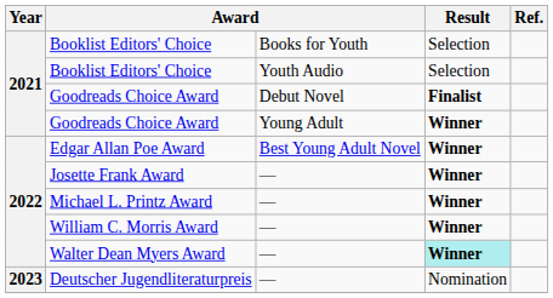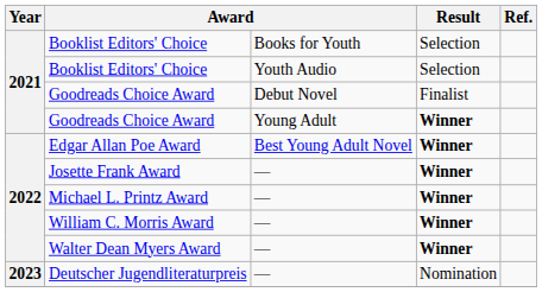 <table class="wikitable">
 <tr>
 <th>Year</th>
 <th colspan="2">Award</th>
 <th>Result</th>
 <th>Ref.</th>
 </tr>
 <tr>
 <th rowspan="4">2021</th>
 <td><a href='#'>Booklist Editors' Choice</a></td>
 <td>Books for Youth</td>
 <td>Selection</td>
 <td></td>
 </tr>
 <tr>
 <td><a href='#'>Booklist Editors' Choice</a></td>
 <td>Youth Audio</td>
 <td>Selection</td>
 <td></td>
 </tr>
 <tr>
 <td><a href='#'>Goodreads Choice Award</a></td>
 <td>Debut Novel</td>
-<td><strong>Finalist</strong></td>
+<td>Finalist</td>
 <td></td>
 </tr>
 <tr>
 <td><a href='#'>Goodreads Choice Award</a></td>
 <td>Young Adult</td>
 <td><strong>Winner</strong></td>
 <td></td>
 </tr>
 <tr>
 <th rowspan="5">2022</th>
 <td><a href='#'>Edgar Allan Poe Award</a></td>
 <td><a href='#'>Best Young Adult Novel</a></td>
 <td><strong>Winner</strong></td>
 <td></td>
 </tr>
 <tr>
 <td><a href='#'>Josette Frank Award</a></td>
 <td>—</td>
 <td><strong>Winner</strong></td>
 <td></td>
 </tr>
 <tr>
 <td><a href='#'>Michael L. Printz Award</a></td>
 <td>—</td>
 <td><strong>Winner</strong></td>
 <td></td>
 </tr>
 <tr>
 <td><a href='#'>William C. Morris Award</a></td>
 <td>—</td>
 <td><strong>Winner</strong></td>
 <td></td>
 </tr>
 <tr>
 <td><a href='#'>Walter Dean Myers Award</a></td>
 <td>—</td>
-<td style="background: paleturquoise;"><strong>Winner</strong></td>
+<td><strong>Winner</strong></td>
 <td></td>
 </tr>
 <tr>
 <th>2023</th>
 <td><a href='#'>Deutscher Jugendliteraturpreis</a></td>
 <td>—</td>
 <td>Nomination</td>
 <td></td>
 </tr>
 <tr>
 </tr>
 </table>
